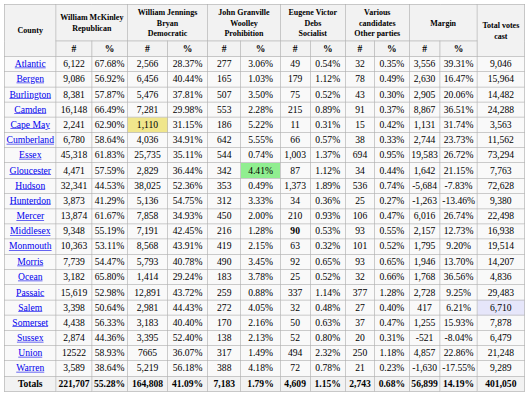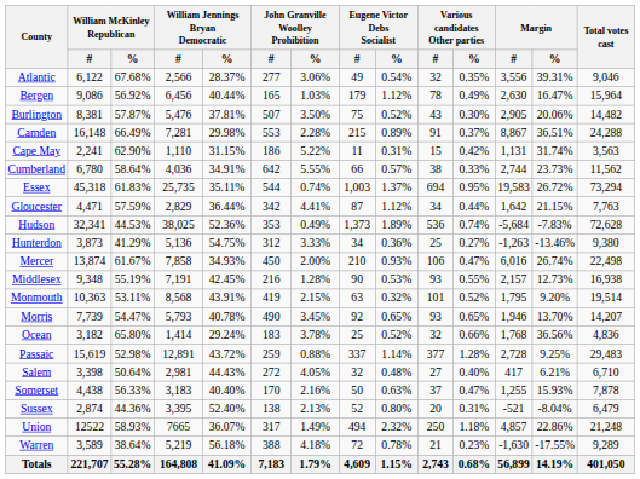 <table class="wikitable sortable">
 <tr>
 <th rowspan="2"><small>County</small></th>
 <th colspan="2"><small>William McKinley</small><br><small>Republican</small></th>
 <th colspan="2"><small>William Jennings Bryan</small><br><small>Democratic</small></th>
 <th colspan="2"><small>John Granville Woolley</small><br><small>Prohibition</small></th>
 <th colspan="2"><small>Eugene Victor Debs</small><br><small>Socialist</small></th>
 <th colspan="2"><small>Various candidates</small><br><small>Other parties</small></th>
 <th colspan="2"><small>Margin</small></th>
 <th rowspan="2"><small>Total votes cast</small></th>
 </tr>
 <tr bgcolor="lightgrey">
 <th data-sort-type="number">#</th>
 <th data-sort-type="number">%</th>
 <th data-sort-type="number">#</th>
 <th data-sort-type="number">%</th>
 <th data-sort-type="number">#</th>
 <th data-sort-type="number">%</th>
 <th data-sort-type="number">#</th>
 <th data-sort-type="number">%</th>
 <th data-sort-type="number">#</th>
 <th data-sort-type="number">%</th>
 <th data-sort-type="number">#</th>
 <th data-sort-type="number">%</th>
 </tr>
 <tr style="text-align:center;">
 <td><a href='#'>Atlantic</a></td>
 <td>6,122</td>
 <td>67.68%</td>
 <td>2,566</td>
 <td>28.37%</td>
 <td>277</td>
 <td>3.06%</td>
 <td>49</td>
 <td>0.54%</td>
 <td>32</td>
 <td>0.35%</td>
 <td>3,556</td>
 <td>39.31%</td>
 <td>9,046</td>
 </tr>
 <tr style="text-align:center;">
 <td><a href='#'>Bergen</a></td>
 <td>9,086</td>
 <td>56.92%</td>
 <td>6,456</td>
 <td>40.44%</td>
 <td>165</td>
 <td>1.03%</td>
 <td>179</td>
 <td>1.12%</td>
 <td>78</td>
 <td>0.49%</td>
 <td>2,630</td>
 <td>16.47%</td>
 <td>15,964</td>
 </tr>
 <tr style="text-align:center;">
 <td><a href='#'>Burlington</a></td>
 <td>8,381</td>
 <td>57.87%</td>
 <td>5,476</td>
 <td>37.81%</td>
 <td>507</td>
 <td>3.50%</td>
 <td>75</td>
 <td>0.52%</td>
 <td>43</td>
 <td>0.30%</td>
 <td>2,905</td>
 <td>20.06%</td>
 <td>14,482</td>
 </tr>
 <tr style="text-align:center;">
 <td><a href='#'>Camden</a></td>
 <td>16,148</td>
 <td>66.49%</td>
 <td>7,281</td>
 <td>29.98%</td>
 <td>553</td>
 <td>2.28%</td>
 <td>215</td>
 <td>0.89%</td>
 <td>91</td>
 <td>0.37%</td>
 <td>8,867</td>
 <td>36.51%</td>
 <td>24,288</td>
 </tr>
 <tr style="text-align:center;">
 <td><a href='#'>Cape May</a></td>
 <td>2,241</td>
 <td>62.90%</td>
-<td style="background: khaki;">1,110</td>
+<td>1,110</td>
 <td>31.15%</td>
 <td>186</td>
 <td>5.22%</td>
 <td>11</td>
 <td>0.31%</td>
 <td>15</td>
 <td>0.42%</td>
 <td>1,131</td>
 <td>31.74%</td>
 <td>3,563</td>
 </tr>
 <tr style="text-align:center;">
 <td><a href='#'>Cumberland</a></td>
 <td>6,780</td>
 <td>58.64%</td>
 <td>4,036</td>
 <td>34.91%</td>
 <td>642</td>
 <td>5.55%</td>
 <td>66</td>
 <td>0.57%</td>
 <td>38</td>
 <td>0.33%</td>
 <td>2,744</td>
 <td>23.73%</td>
 <td>11,562</td>
 </tr>
 <tr style="text-align:center;">
 <td><a href='#'>Essex</a></td>
 <td>45,318</td>
 <td>61.83%</td>
 <td>25,735</td>
 <td>35.11%</td>
 <td>544</td>
 <td>0.74%</td>
 <td>1,003</td>
 <td>1.37%</td>
 <td>694</td>
 <td>0.95%</td>
 <td>19,583</td>
 <td>26.72%</td>
 <td>73,294</td>
 </tr>
 <tr style="text-align:center;">
 <td><a href='#'>Gloucester</a></td>
 <td>4,471</td>
 <td>57.59%</td>
 <td>2,829</td>
 <td>36.44%</td>
 <td>342</td>
-<td style="background: lightgreen;">4.41%</td>
+<td>4.41%</td>
 <td>87</td>
 <td>1.12%</td>
 <td>34</td>
 <td>0.44%</td>
 <td>1,642</td>
 <td>21.15%</td>
 <td>7,763</td>
 </tr>
 <tr style="text-align:center;">
 <td><a href='#'>Hudson</a></td>
 <td>32,341</td>
 <td>44.53%</td>
 <td>38,025</td>
 <td>52.36%</td>
 <td>353</td>
 <td>0.49%</td>
 <td>1,373</td>
 <td>1.89%</td>
 <td>536</td>
 <td>0.74%</td>
 <td>-5,684</td>
 <td>-7.83%</td>
 <td>72,628</td>
 </tr>
 <tr style="text-align:center;">
 <td><a href='#'>Hunterdon</a></td>
 <td>3,873</td>
 <td>41.29%</td>
 <td>5,136</td>
 <td>54.75%</td>
 <td>312</td>
 <td>3.33%</td>
 <td>34</td>
 <td>0.36%</td>
 <td>25</td>
 <td>0.27%</td>
 <td>-1,263</td>
 <td>-13.46%</td>
 <td>9,380</td>
 </tr>
 <tr style="text-align:center;">
 <td><a href='#'>Mercer</a></td>
 <td>13,874</td>
 <td>61.67%</td>
 <td>7,858</td>
 <td>34.93%</td>
 <td>450</td>
 <td>2.00%</td>
 <td>210</td>
 <td>0.93%</td>
 <td>106</td>
 <td>0.47%</td>
 <td>6,016</td>
 <td>26.74%</td>
 <td>22,498</td>
 </tr>
 <tr style="text-align:center;">
 <td><a href='#'>Middlesex</a></td>
 <td>9,348</td>
 <td>55.19%</td>
 <td>7,191</td>
 <td>42.45%</td>
 <td>216</td>
 <td>1.28%</td>
-<td><strong>90</strong></td>
+<td>90</td>
 <td>0.53%</td>
 <td>93</td>
 <td>0.55%</td>
 <td>2,157</td>
 <td>12.73%</td>
 <td>16,938</td>
 </tr>
 <tr style="text-align:center;">
 <td><a href='#'>Monmouth</a></td>
 <td>10,363</td>
 <td>53.11%</td>
 <td>8,568</td>
 <td>43.91%</td>
 <td>419</td>
 <td>2.15%</td>
 <td>63</td>
 <td>0.32%</td>
 <td>101</td>
 <td>0.52%</td>
 <td>1,795</td>
 <td>9.20%</td>
 <td>19,514</td>
 </tr>
 <tr style="text-align:center;">
 <td><a href='#'>Morris</a></td>
 <td>7,739</td>
 <td>54.47%</td>
 <td>5,793</td>
 <td>40.78%</td>
 <td>490</td>
 <td>3.45%</td>
 <td>92</td>
 <td>0.65%</td>
 <td>93</td>
 <td>0.65%</td>
 <td>1,946</td>
 <td>13.70%</td>
 <td>14,207</td>
 </tr>
 <tr style="text-align:center;">
 <td><a href='#'>Ocean</a></td>
 <td>3,182</td>
 <td>65.80%</td>
 <td>1,414</td>
 <td>29.24%</td>
 <td>183</td>
 <td>3.78%</td>
 <td>25</td>
 <td>0.52%</td>
 <td>32</td>
 <td>0.66%</td>
 <td>1,768</td>
 <td>36.56%</td>
 <td>4,836</td>
 </tr>
 <tr style="text-align:center;">
 <td><a href='#'>Passaic</a></td>
 <td>15,619</td>
 <td>52.98%</td>
 <td>12,891</td>
 <td>43.72%</td>
 <td>259</td>
 <td>0.88%</td>
 <td>337</td>
 <td>1.14%</td>
 <td>377</td>
 <td>1.28%</td>
 <td>2,728</td>
 <td>9.25%</td>
 <td>29,483</td>
 </tr>
 <tr style="text-align:center;">
 <td><a href='#'>Salem</a></td>
 <td>3,398</td>
 <td>50.64%</td>
 <td>2,981</td>
 <td>44.43%</td>
 <td>272</td>
 <td>4.05%</td>
 <td>32</td>
 <td>0.48%</td>
 <td>27</td>
 <td>0.40%</td>
 <td>417</td>
 <td>6.21%</td>
-<td style="background: lavender;">6,710</td>
+<td>6,710</td>
 </tr>
 <tr style="text-align:center;">
 <td><a href='#'>Somerset</a></td>
 <td>4,438</td>
 <td>56.33%</td>
 <td>3,183</td>
 <td>40.40%</td>
 <td>170</td>
 <td>2.16%</td>
 <td>50</td>
 <td>0.63%</td>
 <td>37</td>
 <td>0.47%</td>
 <td>1,255</td>
 <td>15.93%</td>
 <td>7,878</td>
 </tr>
 <tr style="text-align:center;">
 <td><a href='#'>Sussex</a></td>
 <td>2,874</td>
 <td>44.36%</td>
 <td>3,395</td>
 <td>52.40%</td>
 <td>138</td>
 <td>2.13%</td>
 <td>52</td>
 <td>0.80%</td>
 <td>20</td>
 <td>0.31%</td>
 <td>-521</td>
 <td>-8.04%</td>
 <td>6,479</td>
 </tr>
 <tr style="text-align:center;">
 <td><a href='#'>Union</a></td>
 <td>12522</td>
 <td>58.93%</td>
 <td>7665</td>
 <td>36.07%</td>
 <td>317</td>
 <td>1.49%</td>
 <td>494</td>
 <td>2.32%</td>
 <td>250</td>
 <td>1.18%</td>
 <td>4,857</td>
 <td>22.86%</td>
 <td>21,248</td>
 </tr>
 <tr style="text-align:center;">
 <td><a href='#'>Warren</a></td>
 <td>3,589</td>
 <td>38.64%</td>
 <td>5,219</td>
 <td>56.18%</td>
 <td>388</td>
 <td>4.18%</td>
 <td>72</td>
 <td>0.78%</td>
 <td>21</td>
 <td>0.23%</td>
 <td>-1,630</td>
 <td>-17.55%</td>
 <td>9,289</td>
 </tr>
 <tr>
 <th>Totals</th>
 <th>221,707</th>
 <th>55.28%</th>
 <th>164,808</th>
 <th>41.09%</th>
 <th>7,183</th>
 <th>1.79%</th>
 <th>4,609</th>
 <th>1.15%</th>
 <th>2,743</th>
 <th>0.68%</th>
 <th>56,899</th>
 <th>14.19%</th>
 <th>401,050</th>
 </tr>
 </table>
